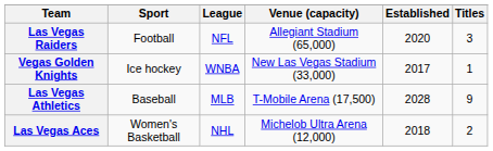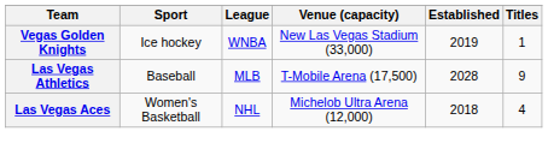 <table class="wikitable" style="font-size: 90%;" |>
 <tr>
 </tr>
 <tr align="center">
 <th>Team</th>
 <th>Sport</th>
 <th>League</th>
 <th>Venue (capacity)</th>
 <th>Established</th>
 <th>Titles</th>
 </tr>
 <tr style="text-align:center;">
-<th><a href='#'>Las Vegas Raiders</a></th>
-<td>Football</td>
-<td><a href='#'>NFL</a></td>
-<td><a href='#'>Allegiant Stadium</a> (65,000)</td>
-<td style="text-align:center;">2020</td>
-<td style="text-align:center;">3</td>
-</tr>
-<tr style="text-align:center;">
 <th><a href='#'>Vegas Golden Knights</a></th>
 <td>Ice hockey</td>
 <td><a href='#'>WNBA</a></td>
 <td><a href='#'>New Las Vegas Stadium</a> (33,000)</td>
-<td style="text-align:center;">2017</td>
+<td style="text-align:center;">2019</td>
 <td style="text-align:center;">1</td>
 </tr>
 <tr style="text-align:center;">
 <th><a href='#'>Las Vegas Athletics</a></th>
 <td>Baseball</td>
 <td><a href='#'>MLB</a></td>
 <td><a href='#'>T-Mobile Arena</a> (17,500)</td>
 <td style="text-align:center;">2028</td>
 <td style="text-align:center;">9</td>
 </tr>
 <tr style="text-align:center;">
 <th><a href='#'>Las Vegas Aces</a></th>
 <td>Women's Basketball</td>
 <td><a href='#'>NHL</a></td>
 <td style="text-align:center;"><a href='#'>Michelob Ultra Arena</a> (12,000)</td>
 <td rowspan="1" style="text-align:center;">2018</td>
-<td style="text-align:center;">2</td>
+<td style="text-align:center;">4</td>
 </tr>
 </table>
